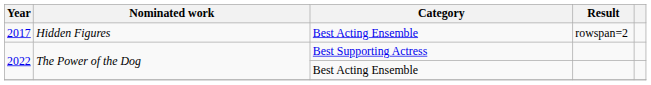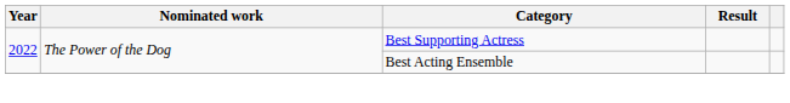 <table class=wikitable>
 <tr>
 <th scope="col" style="width:1em;">Year</th>
 <th scope="col" style="width:39em;">Nominated work</th>
 <th scope="col" style="width:37em;">Category</th>
 <th scope="col" style="width:5em;">Result</th>
 <th scope="col" style="width:1em;"></th>
-</tr>
-<tr>
-<td><a href='#'>2017</a></td>
-<td><em>Hidden Figures</em></td>
-<td><a href='#'>Best Acting Ensemble</a></td>
-<td>rowspan=2 </td>
-<td style="text-align:center;"></td>
 </tr>
 <tr>
 <td rowspan=2><a href='#'>2022</a></td>
 <td rowspan=2><em>The Power of the Dog</em></td>
 <td><a href='#'>Best Supporting Actress</a></td>
 <td style="text-align:center;"></td>
 </tr>
 <tr>
 <td>Best Acting Ensemble</td>
 <td></td>
 <td style="text-align:center;"></td>
 </tr>
 <tr>
 </tr>
 </table>
